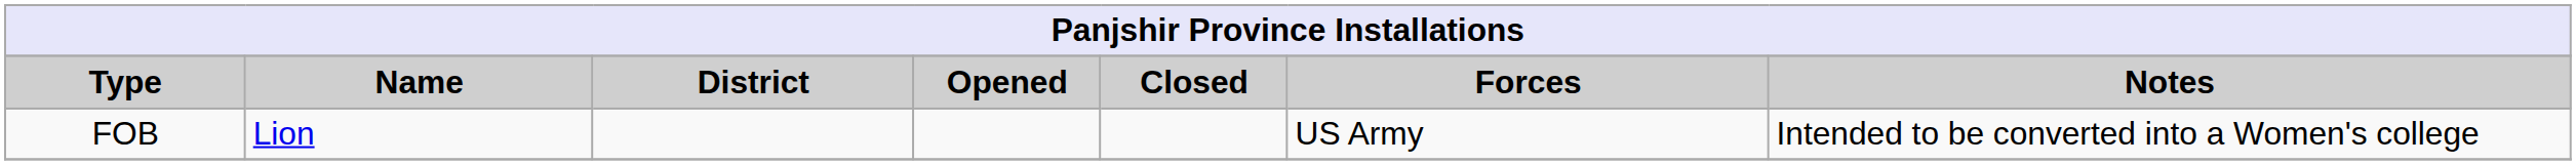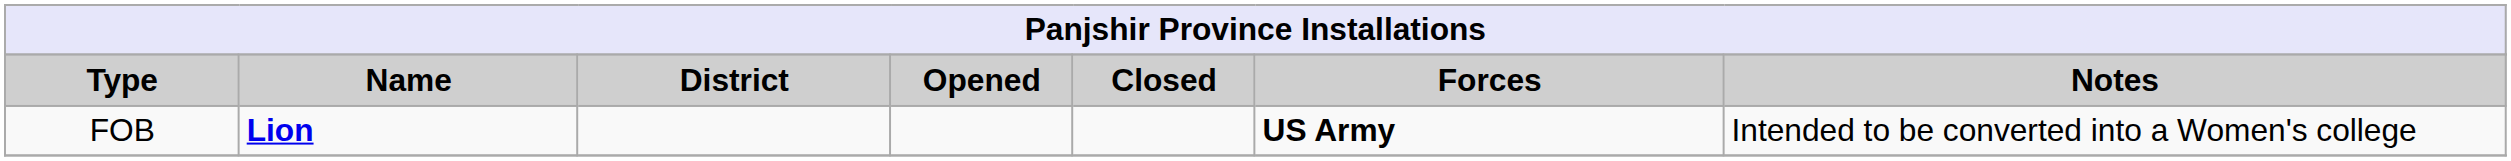 <table class="wikitable sortable" width="100%">
 <tr>
 <th style="align: center; background: lavender" colspan="7"><strong>Panjshir Province Installations</strong></th>
 </tr>
 <tr style="background:#efefef; color:black">
 </tr>
 <tr>
 <th style="background-color:#cfcfcf;" align="center" width="9%" align="center">Type</th>
 <th style="background-color:#cfcfcf;" align="center" width="13%">Name</th>
 <th style="background-color:#cfcfcf;" align="center" width="12%">District</th>
 <th style="background-color:#cfcfcf;" align="center" width="7%">Opened</th>
 <th style="background-color:#cfcfcf;" align="center" width="7%">Closed</th>
 <th style="background-color:#cfcfcf;" align="center" width="18%" class="unsortable">Forces</th>
 <th style="background-color:#cfcfcf;" align="center" width="30%" class="unsortable">Notes</th>
 </tr>
 <tr>
 <td align="center">FOB</td>
-<td><a href='#'>Lion</a></td>
+<td><strong><a href='#'>Lion</a></strong></td>
 <td align="center"></td>
 <td align="center"></td>
 <td align="center"></td>
-<td> US Army</td>
+<td><strong> US Army</strong></td>
 <td>Intended to be converted into a Women's college</td>
 </tr>
 <tr>
 </tr>
 </table>
